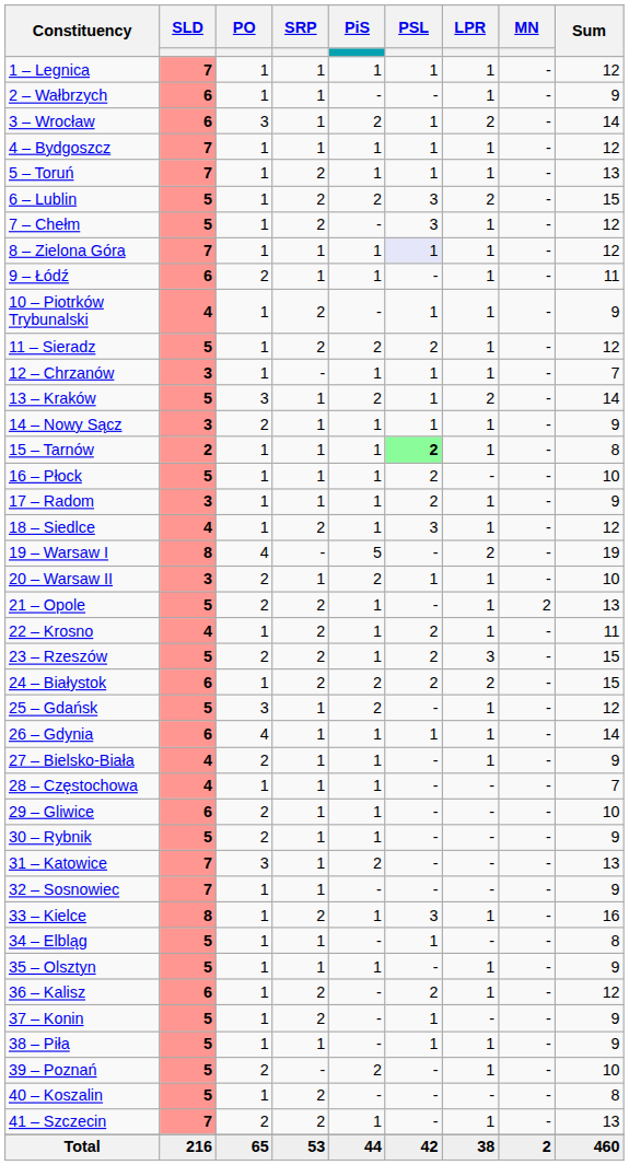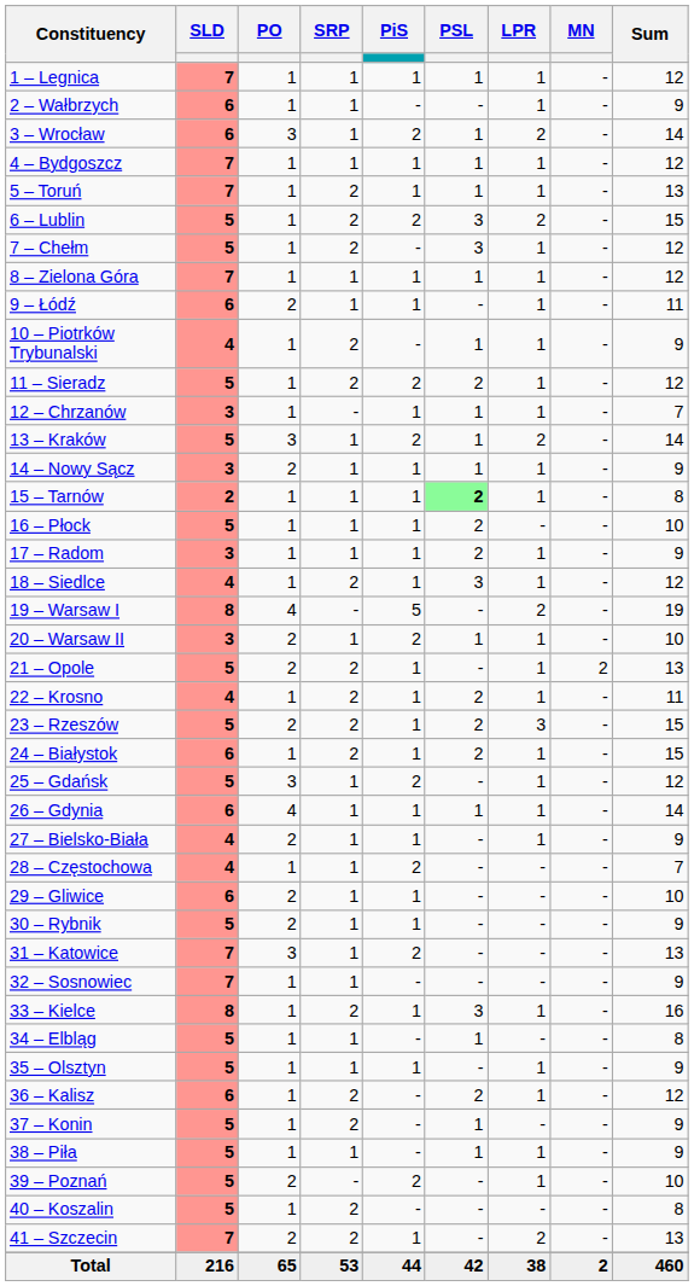 <table class="wikitable sortable collapsible" style="font-size:80%; text-align:right">
 <tr style="height:35px; text-align:center; background-color:#E9E9E9;">
 <th rowspan="2" style="width:120px;">Constituency</th>
 <th style="width:40px;" class="unsortable"><a href='#'><span>SLD</span></a></th>
 <th style="width:40px;" class="unsortable"><a href='#'><span>PO</span></a></th>
 <th style="width:40px;" class="unsortable"><a href='#'><span>SRP</span></a></th>
 <th style="width:40px;" class="unsortable"><a href='#'><span>PiS</span></a></th>
 <th style="width:40px;" class="unsortable"><a href='#'><span>PSL</span></a></th>
 <th style="width:40px;" class="unsortable"><a href='#'><span>LPR</span></a></th>
 <th style="width:40px;" class="unsortable"><a href='#'><span>MN</span></a></th>
 <th rowspan="2" style="width:50px;">Sum</th>
 </tr>
 <tr>
 <th data-sort-type="number" style="height:1px; background:"></th>
 <th data-sort-type="number" style="height:1px; background:"></th>
 <th data-sort-type="number" style="height:1px; background:"></th>
 <th data-sort-type="number" style="height:1px; background:#00a1b0;"></th>
 <th data-sort-type="number" style="height:1px; background:"></th>
 <th data-sort-type="number" style="height:1px; background:"></th>
 <th data-sort-type="number" style="height:1px; background:"></th>
 </tr>
 <tr>
 <td align=left><a href='#'>1 – Legnica</a></td>
 <td style="font-weight:bold; background:#FF9691">7</td>
 <td>1</td>
 <td>1</td>
 <td>1</td>
 <td>1</td>
 <td>1</td>
 <td>-</td>
 <td>12</td>
 </tr>
 <tr>
 <td align=left><a href='#'>2 – Wałbrzych</a></td>
 <td style="font-weight:bold; background:#FF9691">6</td>
 <td>1</td>
 <td>1</td>
 <td>-</td>
 <td>-</td>
 <td>1</td>
 <td>-</td>
 <td>9</td>
 </tr>
 <tr>
 <td align=left><a href='#'>3 – Wrocław</a></td>
 <td style="font-weight:bold; background:#FF9691">6</td>
 <td>3</td>
 <td>1</td>
 <td>2</td>
 <td>1</td>
 <td>2</td>
 <td>-</td>
 <td>14</td>
 </tr>
 <tr>
 <td align=left><a href='#'>4 – Bydgoszcz</a></td>
 <td style="font-weight:bold; background:#FF9691">7</td>
 <td>1</td>
 <td>1</td>
 <td>1</td>
 <td>1</td>
 <td>1</td>
 <td>-</td>
 <td>12</td>
 </tr>
 <tr>
 <td align=left><a href='#'>5 – Toruń</a></td>
 <td style="font-weight:bold; background:#FF9691">7</td>
 <td>1</td>
 <td>2</td>
 <td>1</td>
 <td>1</td>
 <td>1</td>
 <td>-</td>
 <td>13</td>
 </tr>
 <tr>
 <td align=left><a href='#'>6 – Lublin</a></td>
 <td style="font-weight:bold; background:#FF9691">5</td>
 <td>1</td>
 <td>2</td>
 <td>2</td>
 <td>3</td>
 <td>2</td>
 <td>-</td>
 <td>15</td>
 </tr>
 <tr>
 <td align=left><a href='#'>7 – Chełm</a></td>
 <td style="font-weight:bold; background:#FF9691">5</td>
 <td>1</td>
 <td>2</td>
 <td>-</td>
 <td>3</td>
 <td>1</td>
 <td>-</td>
 <td>12</td>
 </tr>
 <tr>
 <td align=left><a href='#'>8 – Zielona Góra</a></td>
 <td style="font-weight:bold; background:#FF9691">7</td>
 <td>1</td>
 <td>1</td>
 <td>1</td>
-<td style="background: lavender;">1</td>
+<td>1</td>
 <td>1</td>
 <td>-</td>
 <td>12</td>
 </tr>
 <tr>
 <td align=left><a href='#'>9 – Łódź</a></td>
 <td style="font-weight:bold; background:#FF9691">6</td>
 <td>2</td>
 <td>1</td>
 <td>1</td>
 <td>-</td>
 <td>1</td>
 <td>-</td>
 <td>11</td>
 </tr>
 <tr>
 <td align=left><a href='#'>10 – Piotrków Trybunalski</a></td>
 <td style="font-weight:bold; background:#FF9691">4</td>
 <td>1</td>
 <td>2</td>
 <td>-</td>
 <td>1</td>
 <td>1</td>
 <td>-</td>
 <td>9</td>
 </tr>
 <tr>
 <td align=left><a href='#'>11 – Sieradz</a></td>
 <td style="font-weight:bold; background:#FF9691">5</td>
 <td>1</td>
 <td>2</td>
 <td>2</td>
 <td>2</td>
 <td>1</td>
 <td>-</td>
 <td>12</td>
 </tr>
 <tr>
 <td align=left><a href='#'>12 – Chrzanów</a></td>
 <td style="font-weight:bold; background:#FF9691">3</td>
 <td>1</td>
 <td>-</td>
 <td>1</td>
 <td>1</td>
 <td>1</td>
 <td>-</td>
 <td>7</td>
 </tr>
 <tr>
 <td align=left><a href='#'>13 – Kraków</a></td>
 <td style="font-weight:bold; background:#FF9691">5</td>
 <td>3</td>
 <td>1</td>
 <td>2</td>
 <td>1</td>
 <td>2</td>
 <td>-</td>
 <td>14</td>
 </tr>
 <tr>
 <td align=left><a href='#'>14 – Nowy Sącz</a></td>
 <td style="font-weight:bold; background:#FF9691">3</td>
 <td>2</td>
 <td>1</td>
 <td>1</td>
 <td>1</td>
 <td>1</td>
 <td>-</td>
 <td>9</td>
 </tr>
 <tr>
 <td align=left><a href='#'>15 – Tarnów</a></td>
 <td style="font-weight:bold; background:#FF9691">2</td>
 <td>1</td>
 <td>1</td>
 <td>1</td>
 <td style="font-weight:bold; background:#8AFC99">2</td>
 <td>1</td>
 <td>-</td>
 <td>8</td>
 </tr>
 <tr>
 <td align=left><a href='#'>16 – Płock</a></td>
 <td style="font-weight:bold; background:#FF9691">5</td>
 <td>1</td>
 <td>1</td>
 <td>1</td>
 <td>2</td>
 <td>-</td>
 <td>-</td>
 <td>10</td>
 </tr>
 <tr>
 <td align=left><a href='#'>17 – Radom</a></td>
 <td style="font-weight:bold; background:#FF9691">3</td>
 <td>1</td>
 <td>1</td>
 <td>1</td>
 <td>2</td>
 <td>1</td>
 <td>-</td>
 <td>9</td>
 </tr>
 <tr>
 <td align=left><a href='#'>18 – Siedlce</a></td>
 <td style="font-weight:bold; background:#FF9691">4</td>
 <td>1</td>
 <td>2</td>
 <td>1</td>
 <td>3</td>
 <td>1</td>
 <td>-</td>
 <td>12</td>
 </tr>
 <tr>
 <td align=left><a href='#'>19 – Warsaw I</a></td>
 <td style="font-weight:bold; background:#FF9691">8</td>
 <td>4</td>
 <td>-</td>
 <td>5</td>
 <td>-</td>
 <td>2</td>
 <td>-</td>
 <td>19</td>
 </tr>
 <tr>
 <td align=left><a href='#'>20 – Warsaw II</a></td>
 <td style="font-weight:bold; background:#FF9691">3</td>
 <td>2</td>
 <td>1</td>
 <td>2</td>
 <td>1</td>
 <td>1</td>
 <td>-</td>
 <td>10</td>
 </tr>
 <tr>
 <td align=left><a href='#'>21 – Opole</a></td>
 <td style="font-weight:bold; background:#FF9691">5</td>
 <td>2</td>
 <td>2</td>
 <td>1</td>
 <td>-</td>
 <td>1</td>
 <td>2</td>
 <td>13</td>
 </tr>
 <tr>
 <td align=left><a href='#'>22 – Krosno</a></td>
 <td style="font-weight:bold; background:#FF9691">4</td>
 <td>1</td>
 <td>2</td>
 <td>1</td>
 <td>2</td>
 <td>1</td>
 <td>-</td>
 <td>11</td>
 </tr>
 <tr>
 <td align=left><a href='#'>23 – Rzeszów</a></td>
 <td style="font-weight:bold; background:#FF9691">5</td>
 <td>2</td>
 <td>2</td>
 <td>1</td>
 <td>2</td>
 <td>3</td>
 <td>-</td>
 <td>15</td>
 </tr>
 <tr>
 <td align=left><a href='#'>24 – Białystok</a></td>
 <td style="font-weight:bold; background:#FF9691">6</td>
 <td>1</td>
 <td>2</td>
+<td>1</td>
 <td>2</td>
-<td>2</td>
-<td>2</td>
+<td>1</td>
 <td>-</td>
 <td>15</td>
 </tr>
 <tr>
 <td align=left><a href='#'>25 – Gdańsk</a></td>
 <td style="font-weight:bold; background:#FF9691">5</td>
 <td>3</td>
 <td>1</td>
 <td>2</td>
 <td>-</td>
 <td>1</td>
 <td>-</td>
 <td>12</td>
 </tr>
 <tr>
 <td align=left><a href='#'>26 – Gdynia</a></td>
 <td style="font-weight:bold; background:#FF9691">6</td>
 <td>4</td>
 <td>1</td>
 <td>1</td>
 <td>1</td>
 <td>1</td>
 <td>-</td>
 <td>14</td>
 </tr>
 <tr>
 <td align=left><a href='#'>27 – Bielsko-Biała</a></td>
 <td style="font-weight:bold; background:#FF9691">4</td>
 <td>2</td>
 <td>1</td>
 <td>1</td>
 <td>-</td>
 <td>1</td>
 <td>-</td>
 <td>9</td>
 </tr>
 <tr>
 <td align=left><a href='#'>28 – Częstochowa</a></td>
 <td style="font-weight:bold; background:#FF9691">4</td>
 <td>1</td>
 <td>1</td>
-<td>1</td>
+<td>2</td>
 <td>-</td>
 <td>-</td>
 <td>-</td>
 <td>7</td>
 </tr>
 <tr>
 <td align=left><a href='#'>29 – Gliwice</a></td>
 <td style="font-weight:bold; background:#FF9691">6</td>
 <td>2</td>
 <td>1</td>
 <td>1</td>
 <td>-</td>
 <td>-</td>
 <td>-</td>
 <td>10</td>
 </tr>
 <tr>
 <td align=left><a href='#'>30 – Rybnik</a></td>
 <td style="font-weight:bold; background:#FF9691">5</td>
 <td>2</td>
 <td>1</td>
 <td>1</td>
 <td>-</td>
 <td>-</td>
 <td>-</td>
 <td>9</td>
 </tr>
 <tr>
 <td align=left><a href='#'>31 – Katowice</a></td>
 <td style="font-weight:bold; background:#FF9691">7</td>
 <td>3</td>
 <td>1</td>
 <td>2</td>
 <td>-</td>
 <td>-</td>
 <td>-</td>
 <td>13</td>
 </tr>
 <tr>
 <td align=left><a href='#'>32 – Sosnowiec</a></td>
 <td style="font-weight:bold; background:#FF9691">7</td>
 <td>1</td>
 <td>1</td>
 <td>-</td>
 <td>-</td>
 <td>-</td>
 <td>-</td>
 <td>9</td>
 </tr>
 <tr>
 <td align=left><a href='#'>33 – Kielce</a></td>
 <td style="font-weight:bold; background:#FF9691">8</td>
 <td>1</td>
 <td>2</td>
 <td>1</td>
 <td>3</td>
 <td>1</td>
 <td>-</td>
 <td>16</td>
 </tr>
 <tr>
 <td align=left><a href='#'>34 – Elbląg</a></td>
 <td style="font-weight:bold; background:#FF9691">5</td>
 <td>1</td>
 <td>1</td>
 <td>-</td>
 <td>1</td>
 <td>-</td>
 <td>-</td>
 <td>8</td>
 </tr>
 <tr>
 <td align=left><a href='#'>35 – Olsztyn</a></td>
 <td style="font-weight:bold; background:#FF9691">5</td>
 <td>1</td>
 <td>1</td>
 <td>1</td>
 <td>-</td>
 <td>1</td>
 <td>-</td>
 <td>9</td>
 </tr>
 <tr>
 <td align=left><a href='#'>36 – Kalisz</a></td>
 <td style="font-weight:bold; background:#FF9691">6</td>
 <td>1</td>
 <td>2</td>
 <td>-</td>
 <td>2</td>
 <td>1</td>
 <td>-</td>
 <td>12</td>
 </tr>
 <tr>
 <td align=left><a href='#'>37 – Konin</a></td>
 <td style="font-weight:bold; background:#FF9691">5</td>
 <td>1</td>
 <td>2</td>
 <td>-</td>
 <td>1</td>
 <td>-</td>
 <td>-</td>
 <td>9</td>
 </tr>
 <tr>
 <td align=left><a href='#'>38 – Piła</a></td>
 <td style="font-weight:bold; background:#FF9691">5</td>
 <td>1</td>
 <td>1</td>
 <td>-</td>
 <td>1</td>
 <td>1</td>
 <td>-</td>
 <td>9</td>
 </tr>
 <tr>
 <td align=left><a href='#'>39 – Poznań</a></td>
 <td style="font-weight:bold; background:#FF9691">5</td>
 <td>2</td>
 <td>-</td>
 <td>2</td>
 <td>-</td>
 <td>1</td>
 <td>-</td>
 <td>10</td>
 </tr>
 <tr>
 <td align=left><a href='#'>40 – Koszalin</a></td>
 <td style="font-weight:bold; background:#FF9691">5</td>
 <td>1</td>
 <td>2</td>
 <td>-</td>
 <td>-</td>
 <td>-</td>
 <td>-</td>
 <td>8</td>
 </tr>
 <tr>
 <td align=left><a href='#'>41 – Szczecin</a></td>
 <td style="font-weight:bold; background:#FF9691">7</td>
 <td>2</td>
 <td>2</td>
 <td>1</td>
 <td>-</td>
-<td>1</td>
+<td>2</td>
 <td>-</td>
 <td>13</td>
 </tr>
 <tr>
 </tr>
 <tr style="background:#EFEFEF; font-weight:bold;">
 <th align=center>Total</th>
 <td>216</td>
 <td>65</td>
 <td>53</td>
 <td>44</td>
 <td>42</td>
 <td>38</td>
 <td>2</td>
 <td>460</td>
 </tr>
 <tr>
 </tr>
 </table>
